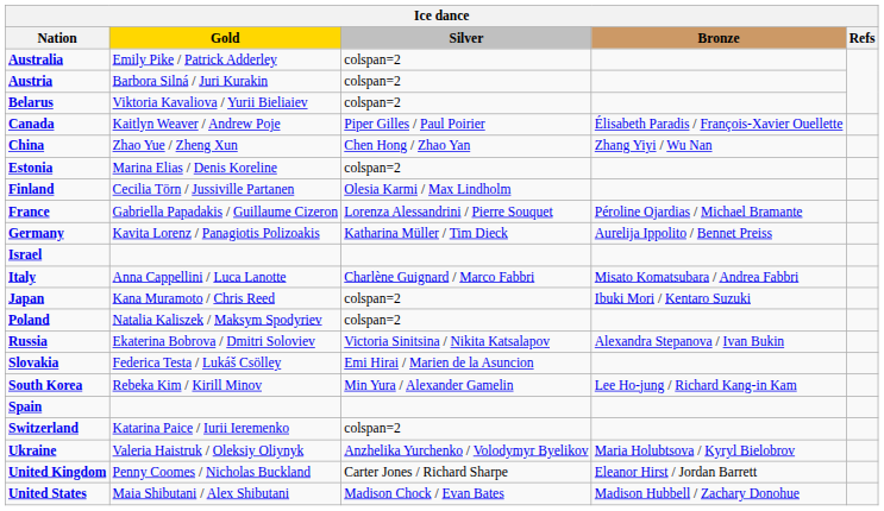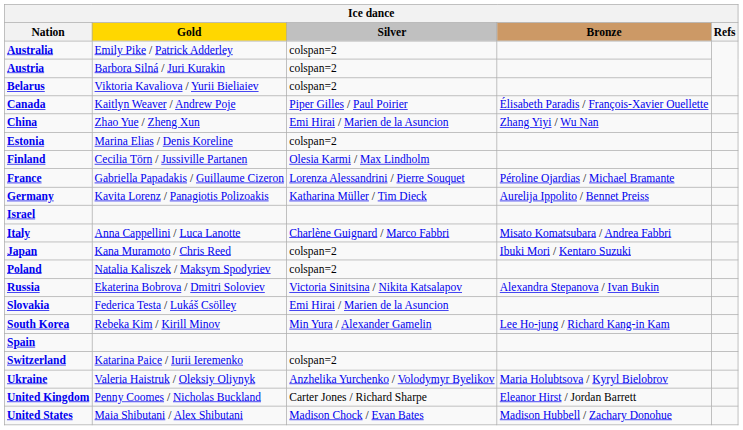 <table class="wikitable">
 <tr>
 <th colspan=5>Ice dance</th>
 </tr>
 <tr>
 <th>Nation</th>
 <td style="text-align:center; background:gold;"><strong>Gold</strong></td>
 <td style="text-align:center; background:silver;"><strong>Silver</strong></td>
 <td style="text-align:center; background:#c96;"><strong>Bronze</strong></td>
 <th>Refs</th>
 </tr>
 <tr>
 <td><strong><a href='#'>Australia</a></strong></td>
 <td><a href='#'>Emily Pike</a> / <a href='#'>Patrick Adderley</a></td>
 <td>colspan=2 </td>
 <td></td>
 </tr>
 <tr>
 <td><strong><a href='#'>Austria</a></strong></td>
 <td><a href='#'>Barbora Silná</a> / <a href='#'>Juri Kurakin</a></td>
 <td>colspan=2 </td>
 <td></td>
 </tr>
 <tr>
 <td><strong><a href='#'>Belarus</a></strong></td>
 <td><a href='#'>Viktoria Kavaliova</a> / <a href='#'>Yurii Bieliaiev</a></td>
 <td>colspan=2 </td>
 <td></td>
 </tr>
 <tr>
 <td><strong><a href='#'>Canada</a></strong></td>
 <td><a href='#'>Kaitlyn Weaver</a> / <a href='#'>Andrew Poje</a></td>
 <td><a href='#'>Piper Gilles</a> / <a href='#'>Paul Poirier</a></td>
 <td><a href='#'>Élisabeth Paradis</a> / <a href='#'>François-Xavier Ouellette</a></td>
 <td></td>
 </tr>
 <tr>
 <td><strong><a href='#'>China</a></strong></td>
 <td><a href='#'>Zhao Yue</a> / <a href='#'>Zheng Xun</a></td>
-<td><a href='#'>Chen Hong</a> / <a href='#'>Zhao Yan</a></td>
+<td><a href='#'>Emi Hirai</a> / <a href='#'>Marien de la Asuncion</a></td>
 <td><a href='#'>Zhang Yiyi</a> / <a href='#'>Wu Nan</a></td>
 <td></td>
 </tr>
 <tr>
 <td><strong><a href='#'>Estonia</a></strong></td>
 <td><a href='#'>Marina Elias</a> / <a href='#'>Denis Koreline</a></td>
 <td>colspan=2 </td>
 <td></td>
 </tr>
 <tr>
 <td><strong><a href='#'>Finland</a></strong></td>
 <td><a href='#'>Cecilia Törn</a> / <a href='#'>Jussiville Partanen</a></td>
 <td><a href='#'>Olesia Karmi</a> / <a href='#'>Max Lindholm</a></td>
 <td></td>
 <td></td>
 </tr>
 <tr>
 <td><strong><a href='#'>France</a></strong></td>
 <td><a href='#'>Gabriella Papadakis</a> / <a href='#'>Guillaume Cizeron</a></td>
 <td><a href='#'>Lorenza Alessandrini</a> / <a href='#'>Pierre Souquet</a></td>
 <td><a href='#'>Péroline Ojardias</a> / <a href='#'>Michael Bramante</a></td>
 <td></td>
 </tr>
 <tr>
 <td><strong><a href='#'>Germany</a></strong></td>
 <td><a href='#'>Kavita Lorenz</a> / <a href='#'>Panagiotis Polizoakis</a></td>
 <td><a href='#'>Katharina Müller</a> / <a href='#'>Tim Dieck</a></td>
 <td><a href='#'>Aurelija Ippolito</a> / <a href='#'>Bennet Preiss</a></td>
 <td></td>
 </tr>
 <tr>
 <td><strong><a href='#'>Israel</a></strong></td>
 <td></td>
 <td></td>
 <td></td>
 <td></td>
 </tr>
 <tr>
 <td><strong><a href='#'>Italy</a></strong></td>
 <td><a href='#'>Anna Cappellini</a> / <a href='#'>Luca Lanotte</a></td>
 <td><a href='#'>Charlène Guignard</a> / <a href='#'>Marco Fabbri</a></td>
 <td><a href='#'>Misato Komatsubara</a> / <a href='#'>Andrea Fabbri</a></td>
 <td></td>
 </tr>
 <tr>
 <td><strong><a href='#'>Japan</a></strong></td>
 <td><a href='#'>Kana Muramoto</a> / <a href='#'>Chris Reed</a></td>
 <td>colspan=2 </td>
 <td><a href='#'>Ibuki Mori</a> / <a href='#'>Kentaro Suzuki</a></td>
 <td></td>
 </tr>
 <tr>
 <td><strong><a href='#'>Poland</a></strong></td>
 <td><a href='#'>Natalia Kaliszek</a> / <a href='#'>Maksym Spodyriev</a></td>
 <td>colspan=2 </td>
 <td></td>
 </tr>
 <tr>
 <td><strong><a href='#'>Russia</a></strong></td>
 <td><a href='#'>Ekaterina Bobrova</a> / <a href='#'>Dmitri Soloviev</a></td>
 <td><a href='#'>Victoria Sinitsina</a> / <a href='#'>Nikita Katsalapov</a></td>
 <td><a href='#'>Alexandra Stepanova</a> / <a href='#'>Ivan Bukin</a></td>
 <td></td>
 </tr>
 <tr>
 <td><strong><a href='#'>Slovakia</a></strong></td>
 <td><a href='#'>Federica Testa</a> / <a href='#'>Lukáš Csölley</a></td>
 <td><a href='#'>Emi Hirai</a> / <a href='#'>Marien de la Asuncion</a></td>
 <td></td>
 </tr>
 <tr>
 <td><strong><a href='#'>South Korea</a></strong></td>
 <td><a href='#'>Rebeka Kim</a> / <a href='#'>Kirill Minov</a></td>
 <td><a href='#'>Min Yura</a> / <a href='#'>Alexander Gamelin</a></td>
 <td><a href='#'>Lee Ho-jung</a> / <a href='#'>Richard Kang-in Kam</a></td>
 <td></td>
 </tr>
 <tr>
 <td><strong><a href='#'>Spain</a></strong></td>
 <td></td>
 <td></td>
 <td></td>
 <td></td>
 </tr>
 <tr>
 <td><strong><a href='#'>Switzerland</a></strong></td>
 <td><a href='#'>Katarina Paice</a> / <a href='#'>Iurii Ieremenko</a></td>
 <td>colspan=2 </td>
 <td></td>
 </tr>
 <tr>
 <td><strong><a href='#'>Ukraine</a></strong></td>
 <td><a href='#'>Valeria Haistruk</a> / <a href='#'>Oleksiy Oliynyk</a></td>
 <td><a href='#'>Anzhelika Yurchenko</a> / <a href='#'>Volodymyr Byelikov</a></td>
 <td><a href='#'>Maria Holubtsova</a> / <a href='#'>Kyryl Bielobrov</a></td>
 <td></td>
 </tr>
 <tr>
 <td><strong><a href='#'>United Kingdom</a></strong></td>
 <td><a href='#'>Penny Coomes</a> / <a href='#'>Nicholas Buckland</a></td>
 <td>Carter Jones / Richard Sharpe</td>
 <td><a href='#'>Eleanor Hirst</a> / Jordan Barrett</td>
 <td></td>
 </tr>
 <tr>
 <td><strong><a href='#'>United States</a></strong></td>
 <td><a href='#'>Maia Shibutani</a> / <a href='#'>Alex Shibutani</a></td>
 <td><a href='#'>Madison Chock</a> / <a href='#'>Evan Bates</a></td>
 <td><a href='#'>Madison Hubbell</a> / <a href='#'>Zachary Donohue</a></td>
 <td></td>
 </tr>
 </table>
